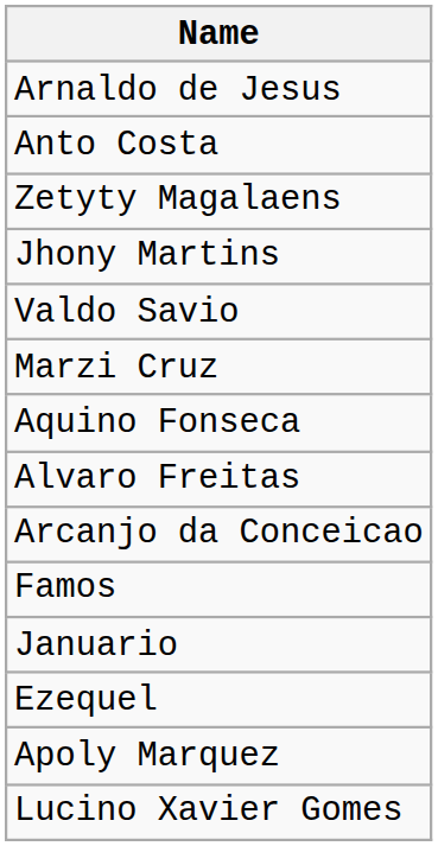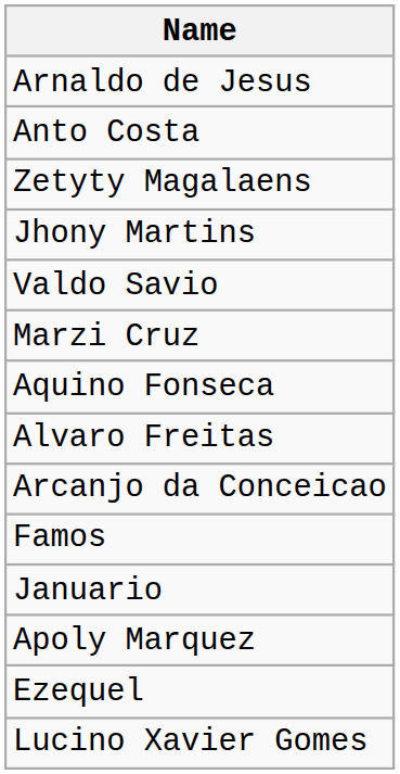 <table class="wikitable">
 <tr>
 <th>Name</th>
 </tr>
 <tr>
 <td>Arnaldo de Jesus</td>
 </tr>
 <tr>
 <td>Anto Costa</td>
 </tr>
 <tr>
 <td>Zetyty Magalaens</td>
 </tr>
 <tr>
 <td>Jhony Martins</td>
 </tr>
 <tr>
 <td>Valdo Savio</td>
 </tr>
 <tr>
 <td>Marzi Cruz</td>
 </tr>
 <tr>
 <td>Aquino Fonseca</td>
 </tr>
 <tr>
 <td>Alvaro Freitas</td>
 </tr>
 <tr>
 <td>Arcanjo da Conceicao</td>
 </tr>
 <tr>
 <td>Famos</td>
 </tr>
 <tr>
 <td>Januario</td>
 </tr>
 <tr>
-<td>Ezequel</td>
+<td>Apoly Marquez</td>
 </tr>
 <tr>
-<td>Apoly Marquez</td>
+<td>Ezequel</td>
 </tr>
 <tr>
 <td>Lucino Xavier Gomes</td>
 </tr>
 </table>
